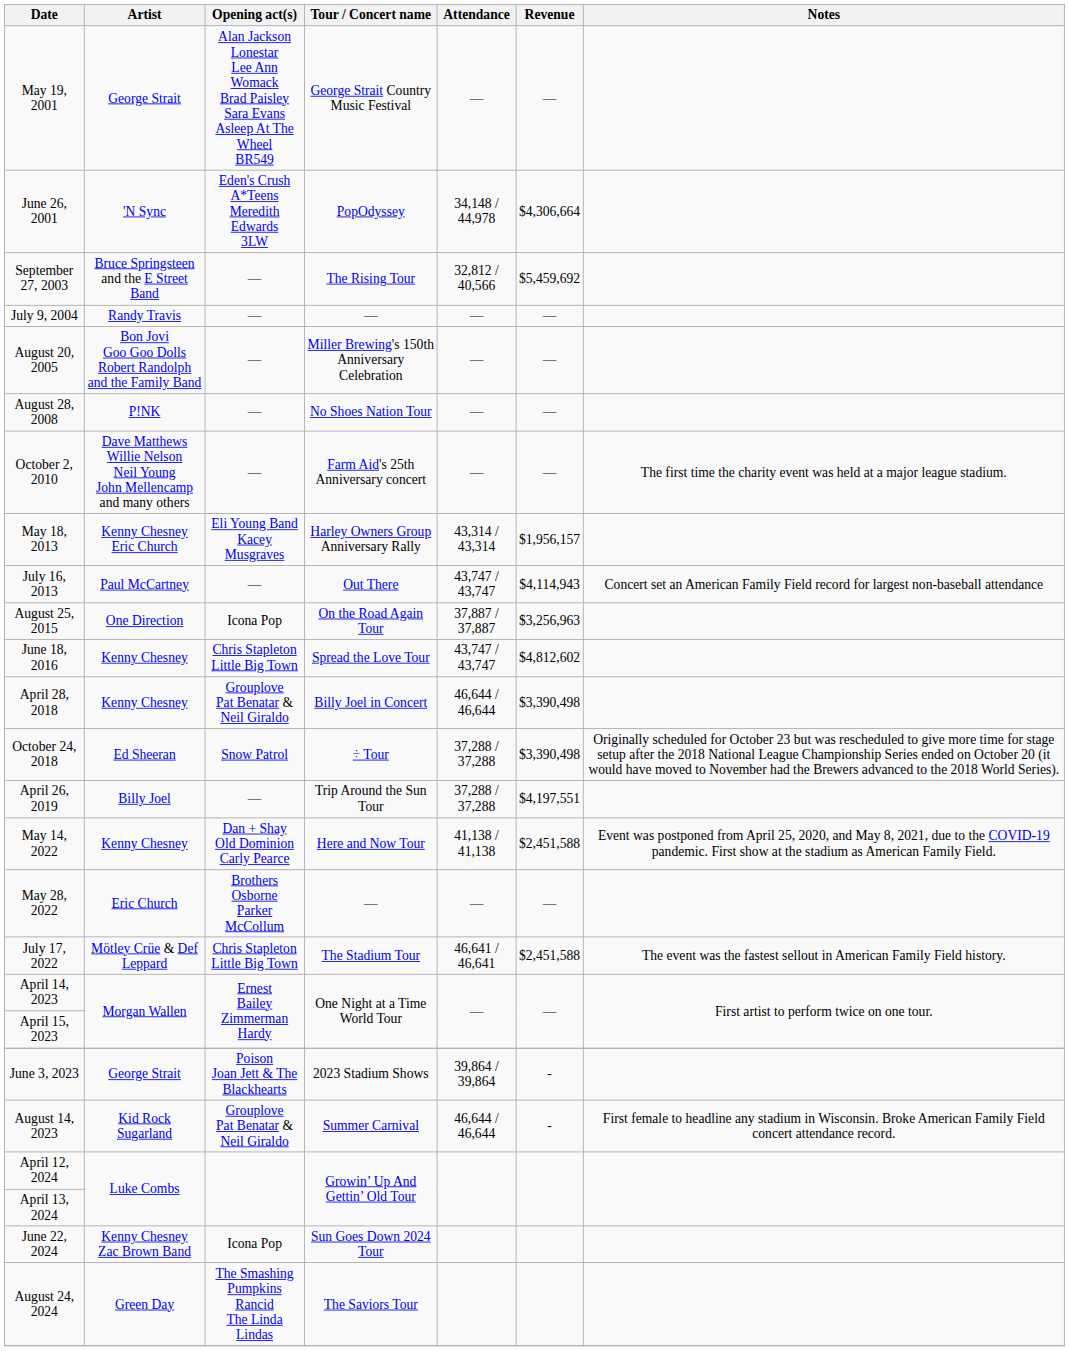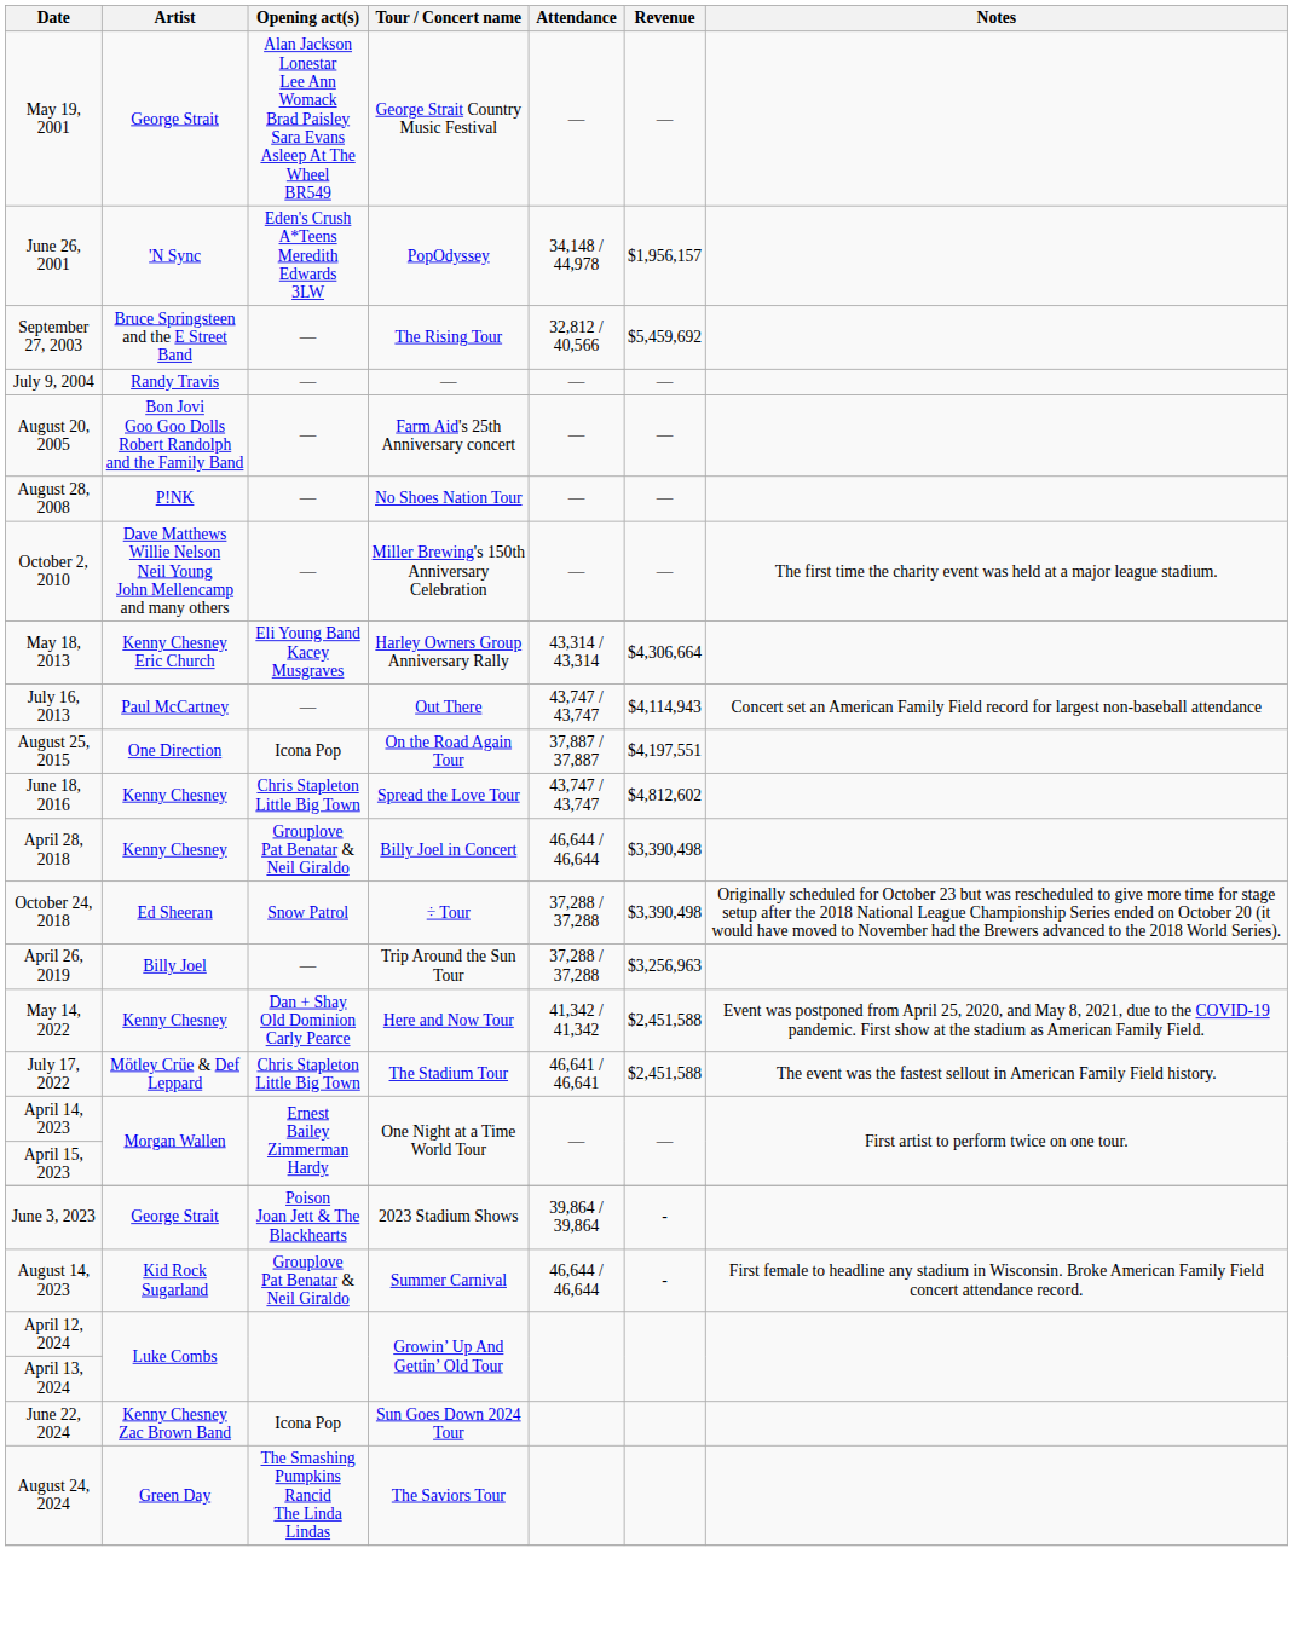 <table class="wikitable" style="text-align:center;">
 <tr>
 <th style="text-align:center;">Date</th>
 <th style="text-align:center;">Artist</th>
 <th style="text-align:center;">Opening act(s)</th>
 <th style="text-align:center;">Tour / Concert name</th>
 <th style="text-align:center;">Attendance</th>
 <th style="text-align:center;">Revenue</th>
 <th style="text-align:center;">Notes</th>
 </tr>
 <tr>
 <td>May 19, 2001</td>
 <td><a href='#'>George Strait</a></td>
 <td><a href='#'>Alan Jackson</a><br><a href='#'>Lonestar</a><br><a href='#'>Lee Ann Womack</a><br><a href='#'>Brad Paisley</a><br><a href='#'>Sara Evans</a><br><a href='#'>Asleep At The Wheel</a><br><a href='#'>BR549</a></td>
 <td><a href='#'>George Strait</a> Country Music Festival</td>
 <td>—</td>
 <td>—</td>
 <td></td>
 </tr>
 <tr>
 <td>June 26, 2001</td>
 <td><a href='#'>'N Sync</a></td>
 <td><a href='#'>Eden's Crush</a><br><a href='#'>A*Teens</a><br><a href='#'>Meredith Edwards</a><br><a href='#'>3LW</a></td>
 <td><a href='#'>PopOdyssey</a></td>
 <td>34,148 / 44,978</td>
-<td>$4,306,664</td>
+<td>$1,956,157</td>
 <td></td>
 </tr>
 <tr>
 <td>September 27, 2003</td>
 <td><a href='#'>Bruce Springsteen</a> and the <a href='#'>E Street Band</a></td>
 <td>—</td>
 <td><a href='#'>The Rising Tour</a></td>
 <td>32,812 / 40,566</td>
 <td>$5,459,692</td>
 <td></td>
 </tr>
 <tr>
 <td>July 9, 2004</td>
 <td><a href='#'>Randy Travis</a></td>
 <td>—</td>
 <td>—</td>
 <td>—</td>
 <td>—</td>
 <td></td>
 </tr>
 <tr>
 <td>August 20, 2005</td>
 <td><a href='#'>Bon Jovi</a><br><a href='#'>Goo Goo Dolls</a><br><a href='#'>Robert Randolph and the Family Band</a></td>
 <td>—</td>
-<td><a href='#'>Miller Brewing</a>'s 150th Anniversary Celebration</td>
+<td><a href='#'>Farm Aid</a>'s 25th Anniversary concert</td>
 <td>—</td>
 <td>—</td>
 <td></td>
 </tr>
 <tr>
 <td>August 28, 2008</td>
 <td><a href='#'>P!NK</a></td>
 <td>—</td>
 <td><a href='#'>No Shoes Nation Tour</a></td>
 <td>—</td>
 <td>—</td>
 <td></td>
 </tr>
 <tr>
 <td>October 2, 2010</td>
 <td><a href='#'>Dave Matthews</a><br><a href='#'>Willie Nelson</a><br><a href='#'>Neil Young</a><br><a href='#'>John Mellencamp</a> and many others</td>
 <td>—</td>
-<td><a href='#'>Farm Aid</a>'s 25th Anniversary concert</td>
+<td><a href='#'>Miller Brewing</a>'s 150th Anniversary Celebration</td>
 <td>—</td>
 <td>—</td>
 <td>The first time the charity event was held at a major league stadium.</td>
 </tr>
 <tr>
 <td>May 18, 2013</td>
 <td><a href='#'>Kenny Chesney</a><br><a href='#'>Eric Church</a></td>
 <td><a href='#'>Eli Young Band</a><br><a href='#'>Kacey Musgraves</a></td>
 <td><a href='#'>Harley Owners Group</a> Anniversary Rally</td>
 <td>43,314 / 43,314</td>
-<td>$1,956,157</td>
+<td>$4,306,664</td>
 <td></td>
 </tr>
 <tr>
 <td>July 16, 2013</td>
 <td><a href='#'>Paul McCartney</a></td>
 <td>—</td>
 <td><a href='#'>Out There</a></td>
 <td>43,747 / 43,747</td>
 <td>$4,114,943</td>
 <td>Concert set an American Family Field record for largest non-baseball attendance</td>
 </tr>
 <tr>
 <td>August 25, 2015</td>
 <td><a href='#'>One Direction</a></td>
 <td>Icona Pop</td>
 <td><a href='#'>On the Road Again Tour</a></td>
 <td>37,887 / 37,887</td>
-<td>$3,256,963</td>
+<td>$4,197,551</td>
 <td></td>
 </tr>
 <tr>
 <td>June 18, 2016</td>
 <td><a href='#'>Kenny Chesney</a></td>
 <td><a href='#'>Chris Stapleton</a><br><a href='#'>Little Big Town</a></td>
 <td><a href='#'>Spread the Love Tour</a></td>
 <td>43,747 / 43,747</td>
 <td>$4,812,602</td>
 <td></td>
 </tr>
 <tr>
 <td>April 28, 2018</td>
 <td><a href='#'>Kenny Chesney</a></td>
 <td><a href='#'>Grouplove</a><br><a href='#'>Pat Benatar</a> & <a href='#'>Neil Giraldo</a></td>
 <td><a href='#'>Billy Joel in Concert</a></td>
 <td>46,644 / 46,644</td>
 <td>$3,390,498</td>
 <td></td>
 </tr>
 <tr>
 <td>October 24, 2018</td>
 <td><a href='#'>Ed Sheeran</a></td>
 <td><a href='#'>Snow Patrol</a></td>
 <td><a href='#'>÷ Tour</a></td>
 <td>37,288 / 37,288</td>
 <td>$3,390,498</td>
 <td>Originally scheduled for October 23 but was rescheduled to give more time for stage setup after the 2018 National League Championship Series ended on October 20 (it would have moved to November had the Brewers advanced to the 2018 World Series).</td>
 </tr>
 <tr>
 <td>April 26, 2019</td>
 <td><a href='#'>Billy Joel</a></td>
 <td>—</td>
 <td>Trip Around the Sun Tour</td>
 <td>37,288 / 37,288</td>
-<td>$4,197,551</td>
+<td>$3,256,963</td>
 <td></td>
 </tr>
 <tr>
 <td>May 14, 2022</td>
 <td><a href='#'>Kenny Chesney</a></td>
 <td><a href='#'>Dan + Shay</a><br><a href='#'>Old Dominion</a><br><a href='#'>Carly Pearce</a></td>
 <td><a href='#'>Here and Now Tour</a></td>
-<td>41,138 / 41,138</td>
+<td>41,342 / 41,342</td>
 <td>$2,451,588</td>
 <td>Event was postponed from April 25, 2020, and May 8, 2021, due to the <a href='#'>COVID-19</a> pandemic. First show at the stadium as American Family Field.</td>
-</tr>
-<tr>
-<td>May 28, 2022</td>
-<td><a href='#'>Eric Church</a></td>
-<td><a href='#'>Brothers Osborne</a><br><a href='#'>Parker McCollum</a></td>
-<td>—</td>
-<td>—</td>
-<td>—</td>
-<td></td>
 </tr>
 <tr>
 <td>July 17, 2022</td>
 <td><a href='#'>Mötley Crüe</a> & <a href='#'>Def Leppard</a></td>
 <td><a href='#'>Chris Stapleton</a><br><a href='#'>Little Big Town</a></td>
 <td><a href='#'>The Stadium Tour</a></td>
 <td>46,641 / 46,641</td>
 <td>$2,451,588</td>
 <td>The event was the fastest sellout in American Family Field history.</td>
 </tr>
 <tr>
 <td>April 14, 2023</td>
 <td rowspan="2"><a href='#'>Morgan Wallen</a></td>
 <td rowspan="2"><a href='#'>Ernest</a><br><a href='#'>Bailey Zimmerman</a><br><a href='#'>Hardy</a></td>
 <td rowspan="2">One Night at a Time World Tour</td>
 <td rowspan="2">—</td>
 <td rowspan="2">—</td>
 <td rowspan="2">First artist to perform twice on one tour.</td>
 </tr>
 <tr>
 <td>April 15, 2023</td>
 </tr>
 <tr>
 </tr>
 <tr>
 <td>June 3, 2023</td>
 <td><a href='#'>George Strait</a></td>
 <td><a href='#'>Poison</a><br><a href='#'>Joan Jett & The Blackhearts</a></td>
 <td>2023 Stadium Shows</td>
 <td>39,864 / 39,864</td>
 <td>-</td>
 <td></td>
 </tr>
 <tr>
 <td>August 14, 2023</td>
 <td><a href='#'>Kid Rock</a><br><a href='#'>Sugarland</a></td>
 <td><a href='#'>Grouplove</a><br><a href='#'>Pat Benatar</a> & <a href='#'>Neil Giraldo</a></td>
 <td><a href='#'>Summer Carnival</a></td>
 <td>46,644 / 46,644</td>
 <td>-</td>
 <td>First female to headline any stadium in Wisconsin. Broke American Family Field concert attendance record.</td>
 </tr>
 <tr>
 <td>April 12, 2024</td>
 <td rowspan="2"><a href='#'>Luke Combs</a></td>
 <td rowspan="2"></td>
 <td rowspan="2"><a href='#'>Growin’ Up And Gettin’ Old Tour</a></td>
 <td rowspan="2"></td>
 <td rowspan="2"></td>
 <td rowspan="2"></td>
 </tr>
 <tr>
 <td>April 13, 2024</td>
 </tr>
 <tr>
 <td>June 22, 2024</td>
 <td><a href='#'>Kenny Chesney</a><br><a href='#'>Zac Brown Band</a></td>
 <td>Icona Pop</td>
 <td><a href='#'>Sun Goes Down 2024 Tour</a></td>
 <td></td>
 <td></td>
 <td></td>
 </tr>
 <tr>
 <td>August 24, 2024</td>
 <td><a href='#'>Green Day</a></td>
 <td><a href='#'>The Smashing Pumpkins</a><br><a href='#'>Rancid</a><br><a href='#'>The Linda Lindas</a></td>
 <td><a href='#'>The Saviors Tour</a></td>
 <td></td>
 <td></td>
 <td></td>
 </tr>
 <tr>
 </tr>
 </table>
